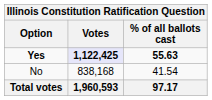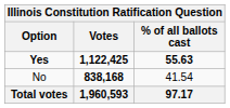 <table class="wikitable">
 <tr>
 <th colspan=4 text align=center>Illinois Constitution Ratification Question</th>
 </tr>
 <tr>
 <th>Option</th>
 <th>Votes</th>
 <th>% of all ballots<br>cast</th>
 </tr>
 <tr>
 <td text align=center><strong>Yes</strong></td>
-<td text align=center style="background: lavender;"><strong>1,122,425</strong></td>
+<td text align=center><strong>1,122,425</strong></td>
 <td text align=center><strong>55.63</strong></td>
 </tr>
 <tr>
 <td text align=center>No</td>
-<td text align=center>838,168</td>
+<td text align=center><strong>838,168</strong></td>
 <td text align=center>41.54</td>
 </tr>
 <tr>
 <th text align=center>Total votes</th>
 <th text align=center><strong>1,960,593</strong></th>
 <th text align=center><strong>97.17</strong></th>
 </tr>
 </table>
